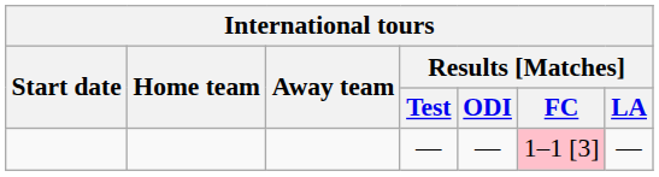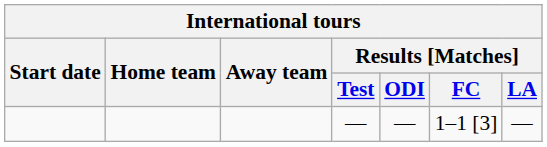 <table class="wikitable">
 <tr>
 <th colspan="7">International tours</th>
 </tr>
 <tr>
 <th rowspan="2">Start date</th>
 <th rowspan="2">Home team</th>
 <th rowspan="2">Away team</th>
 <th colspan="4">Results [Matches]</th>
 </tr>
 <tr>
 <th><a href='#'>Test</a></th>
 <th><a href='#'>ODI</a></th>
 <th><a href='#'>FC</a></th>
 <th><a href='#'>LA</a></th>
 </tr>
 <tr>
 <td><a href='#'></a></td>
 <td></td>
 <td></td>
 <td ; style="text-align:center">—</td>
 <td ; style="text-align:center">—</td>
-<td style="background: pink;">1–1 [3]</td>
+<td>1–1 [3]</td>
 <td ; style="text-align:center">—</td>
 </tr>
 </table>
